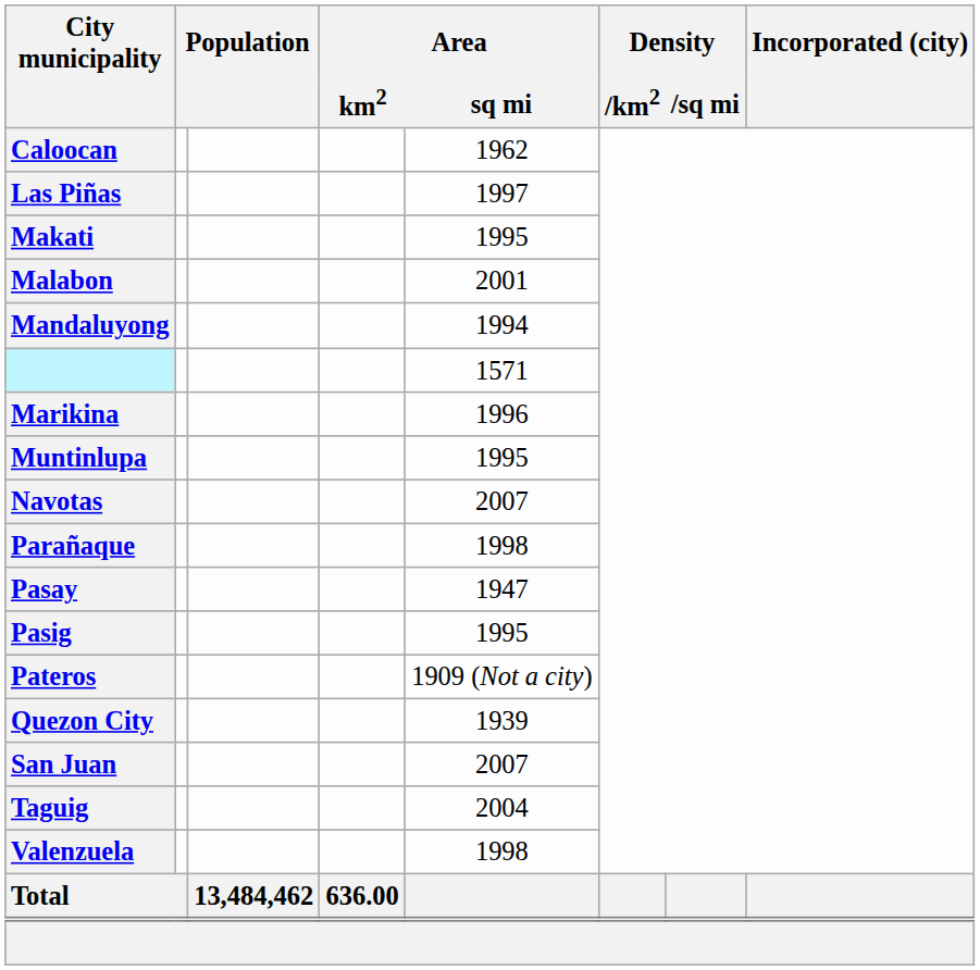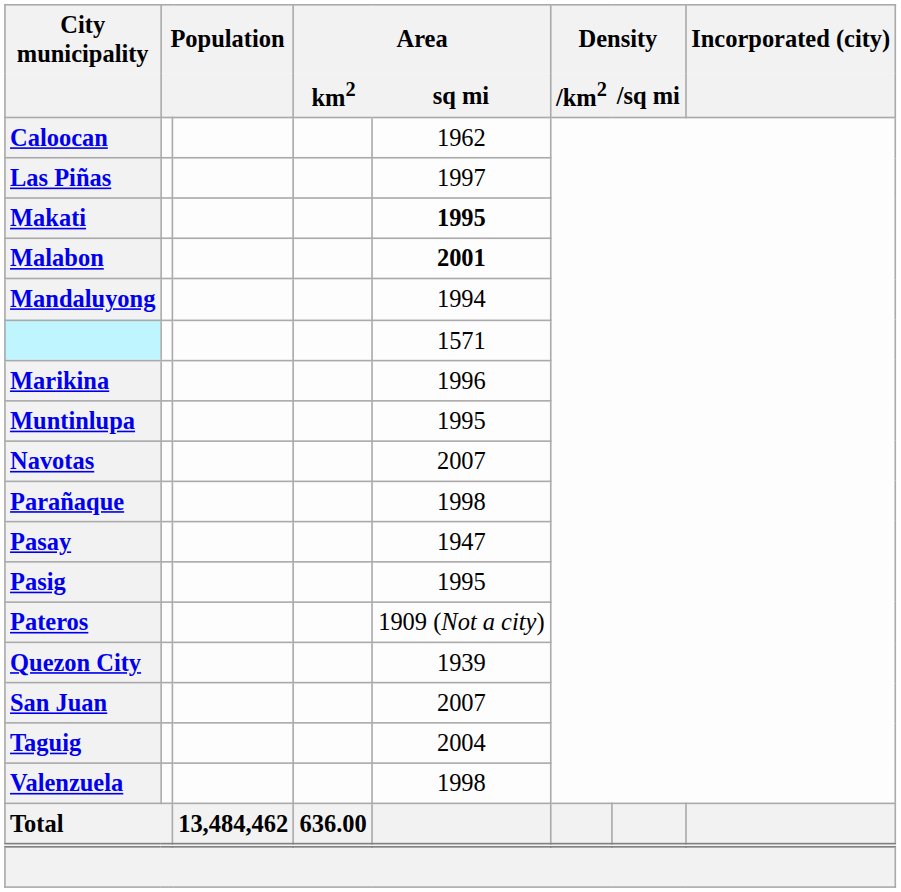 <table class="wikitable sortable" style="margin:auto;text-align:right;font-size:95%;background-color:#FDFDFD;">
 <tr>
 <th scope="col" style="border-bottom:none;" class="unsortable">City <br>municipality</th>
 <th scope="col" style="border-bottom:none;white-space:nowrap;" class="unsortable" colspan=2>Population </th>
 <th scope="col" style="border-bottom:none;" colspan=2>Area</th>
 <th scope="col" style="border-bottom:none;" colspan=2>Density</th>
 <th scope="col" style="border-bottom:none;">Incorporated (city)</th>
 </tr>
 <tr>
 <th scope="col" style="border-top:none;"></th>
 <th scope="col" style="border-top:none;" colspan=2></th>
 <th scope="col" style="border-style:none none solid solid;">km<sup>2</sup></th>
 <th scope="col" style="border-style:none solid solid none;white-space:nowrap;" class="unsortable">sq mi</th>
 <th scope="col" style="border-style:none none solid solid;">/km<sup>2</sup></th>
 <th scope="col" style="border-style:none solid solid none;white-space:nowrap;" class="unsortable">/sq mi</th>
 <th scope="col" style="border-top:none;"></th>
 </tr>
 <tr>
 <th scope="row" style="text-align:left;"><a href='#'>Caloocan</a></th>
 <td></td>
 <td></td>
 <td></td>
 <td style="text-align:center;">1962</td>
 </tr>
 <tr>
 <th scope="row" style="text-align:left;"><a href='#'>Las Piñas</a></th>
 <td></td>
 <td></td>
 <td></td>
 <td style="text-align:center;">1997</td>
 </tr>
 <tr>
 <th scope="row" style="text-align:left;"><a href='#'>Makati</a></th>
 <td></td>
 <td></td>
 <td></td>
-<td style="text-align:center;">1995</td>
+<td style="text-align:center;"><strong>1995</strong></td>
 </tr>
 <tr>
 <th scope="row" style="text-align:left;"><a href='#'>Malabon</a></th>
 <td></td>
 <td></td>
 <td></td>
-<td style="text-align:center;">2001</td>
+<td style="text-align:center;"><strong>2001</strong></td>
 </tr>
 <tr>
 <th scope="row" style="text-align:left;"><a href='#'>Mandaluyong</a></th>
 <td></td>
 <td></td>
 <td></td>
 <td style="text-align:center;">1994</td>
 </tr>
 <tr>
 <th scope="row" style="text-align:left;background-color:#BFF5FF;border-right:0;"></th>
 <td></td>
 <td></td>
 <td></td>
 <td style="text-align:center;">1571</td>
 </tr>
 <tr>
 <th scope="row" style="text-align:left;"><a href='#'>Marikina</a></th>
 <td></td>
 <td></td>
 <td></td>
 <td style="text-align:center;">1996</td>
 </tr>
 <tr>
 <th scope="row" style="text-align:left;"><a href='#'>Muntinlupa</a></th>
 <td></td>
 <td></td>
 <td></td>
 <td style="text-align:center;">1995</td>
 </tr>
 <tr>
 <th scope="row" style="text-align:left;"><a href='#'>Navotas</a></th>
 <td></td>
 <td></td>
 <td></td>
 <td style="text-align:center;">2007</td>
 </tr>
 <tr>
 <th scope="row" style="text-align:left;"><a href='#'>Parañaque</a></th>
 <td></td>
 <td></td>
 <td></td>
 <td style="text-align:center;">1998</td>
 </tr>
 <tr>
 <th scope="row" style="text-align:left;"><a href='#'>Pasay</a></th>
 <td></td>
 <td></td>
 <td></td>
 <td style="text-align:center;">1947</td>
 </tr>
 <tr>
 <th scope="row" style="text-align:left;"><a href='#'>Pasig</a></th>
 <td></td>
 <td></td>
 <td></td>
 <td style="text-align:center;">1995</td>
 </tr>
 <tr>
 <th scope="row" style="text-align:left;"><a href='#'>Pateros</a></th>
 <td></td>
 <td></td>
 <td></td>
 <td style="text-align:center;">1909 (<em>Not a city</em>)</td>
 </tr>
 <tr>
 <th scope="row" style="text-align:left;"><a href='#'>Quezon City</a></th>
 <td></td>
 <td></td>
 <td></td>
 <td style="text-align:center;">1939</td>
 </tr>
 <tr>
 <th scope="row" style="text-align:left;"><a href='#'>San Juan</a></th>
 <td></td>
 <td></td>
 <td></td>
 <td style="text-align:center;">2007</td>
 </tr>
 <tr>
 <th scope="row" style="text-align:left;"><a href='#'>Taguig</a></th>
 <td></td>
 <td></td>
 <td></td>
 <td style="text-align:center;">2004</td>
 </tr>
 <tr>
 <th scope="row" style="text-align:left;"><a href='#'>Valenzuela</a></th>
 <td></td>
 <td></td>
 <td></td>
 <td style="text-align:center;">1998</td>
 </tr>
 <tr class="sortbottom">
 <th scope="row" colspan=2 style="text-align:left;">Total</th>
 <th scope="col" style="text-align:right;">13,484,462</th>
 <th scope="col" style="text-align:right;">636.00</th>
 <th scope="col" style="text-align:right;"></th>
 <th scope="col" style="text-align:right;"></th>
 <th scope="col" style="text-align:right;"></th>
 <th scope="col" style="background-color:none;border-bottom:none"></th>
 </tr>
 <tr class="sortbottom" style="text-align:left;background-color:#F2F2F2;border-top:double grey;">
 <td colspan=8 style="padding-left:1em;"><br></td>
 </tr>
 </table>
